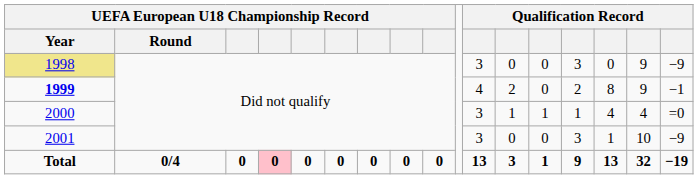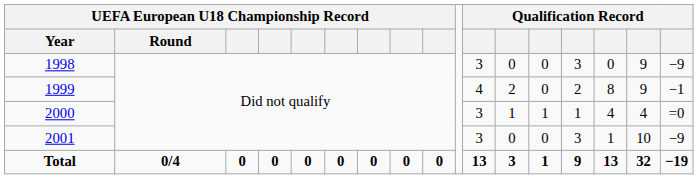 <table class="wikitable" style="text-align: center; font-size: 90%;">
 <tr>
 <th colspan=9>UEFA European U18 Championship Record</th>
 <td width=1% rowspan=7></td>
 <th colspan=7>Qualification Record</th>
 </tr>
 <tr>
 <th width=100>Year</th>
 <th width=100>Round</th>
 <th width=25></th>
 <th width=25></th>
 <th width=25></th>
 <th width=25></th>
 <th width=25></th>
 <th width=25></th>
 <th width=25></th>
 <th width=25></th>
 <th width=25></th>
 <th width=25></th>
 <th width=25></th>
 <th width=25></th>
 <th width=25></th>
 <th width=25></th>
 </tr>
 <tr>
-<td style="background: khaki;"> <a href='#'>1998</a></td>
+<td> <a href='#'>1998</a></td>
 <td rowspan=4 colspan=8>Did not qualify</td>
 <td>3</td>
 <td>0</td>
 <td>0</td>
 <td>3</td>
 <td>0</td>
 <td>9</td>
 <td>−9</td>
 </tr>
 <tr>
-<td><strong> <a href='#'>1999</a></strong></td>
+<td> <a href='#'>1999</a></td>
 <td>4</td>
 <td>2</td>
 <td>0</td>
 <td>2</td>
 <td>8</td>
 <td>9</td>
 <td>−1</td>
 </tr>
 <tr>
 <td> <a href='#'>2000</a></td>
 <td>3</td>
 <td>1</td>
 <td>1</td>
 <td>1</td>
 <td>4</td>
 <td>4</td>
 <td>=0</td>
 </tr>
 <tr>
 <td> <a href='#'>2001</a></td>
 <td>3</td>
 <td>0</td>
 <td>0</td>
 <td>3</td>
 <td>1</td>
 <td>10</td>
 <td>−9</td>
 </tr>
 <tr>
 <td><strong>Total</strong></td>
 <td><strong>0/4</strong></td>
 <td><strong>0</strong></td>
-<td style="background: pink;"><strong>0</strong></td>
+<td><strong>0</strong></td>
 <td><strong>0</strong></td>
 <td><strong>0</strong></td>
 <td><strong>0</strong></td>
 <td><strong>0</strong></td>
 <td><strong>0</strong></td>
 <td><strong>13</strong></td>
 <td><strong>3</strong></td>
 <td><strong>1</strong></td>
 <td><strong>9</strong></td>
 <td><strong>13</strong></td>
 <td><strong>32</strong></td>
 <td><strong>−19</strong></td>
 </tr>
 </table>
